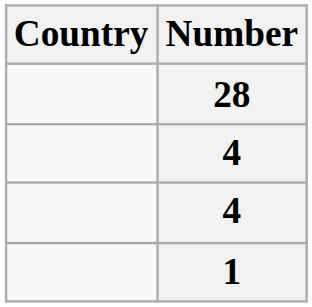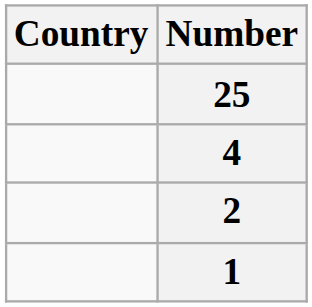 <table | class="wikitable" style="float:right; margin-left: 8px;">
 <tr>
 <th>Country</th>
 <th>Number</th>
 </tr>
 <tr>
 <td></td>
-<th>28</th>
+<th>25</th>
 </tr>
 <tr>
 <td></td>
 <th>4</th>
 </tr>
 <tr>
 <td></td>
-<th>4</th>
+<th>2</th>
 </tr>
 <tr>
 <td></td>
 <th>1</th>
 </tr>
 </table>
